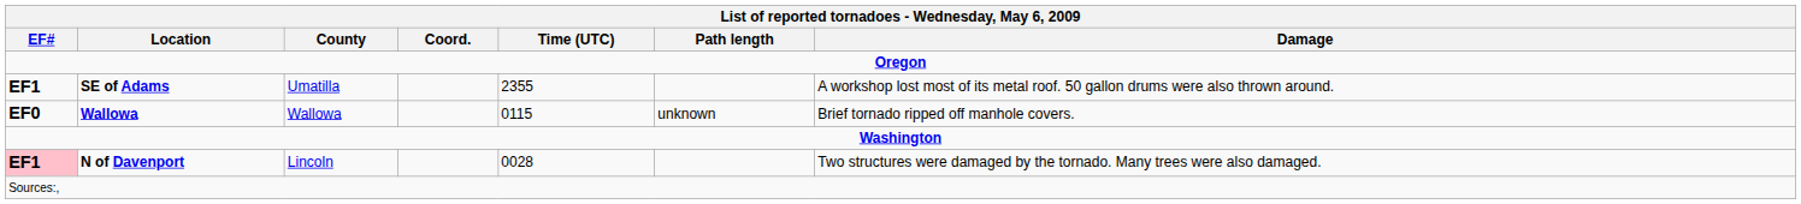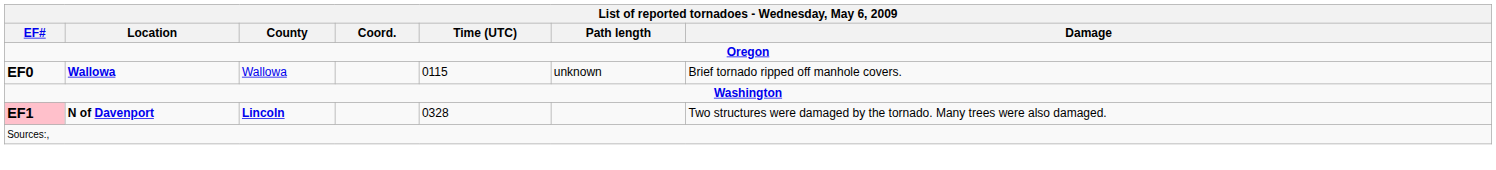 <table class="wikitable collapsible" width="100%">
 <tr>
 <th colspan="7">List of reported tornadoes - Wednesday, May 6, 2009</th>
 </tr>
 <tr>
 <th><a href='#'>EF#</a></th>
 <th>Location</th>
 <th>County</th>
 <th>Coord.</th>
 <th>Time (UTC)</th>
 <th>Path length</th>
 <th>Damage</th>
 </tr>
 <tr>
 <td colspan="7" align=center><strong><a href='#'>Oregon</a></strong></td>
 </tr>
 <tr>
-<td><big><strong>EF1</strong></big></td>
-<td><strong>SE of <a href='#'>Adams</a></strong></td>
-<td><a href='#'>Umatilla</a></td>
-<td></td>
-<td>2355</td>
-<td></td>
-<td>A workshop lost most of its metal roof. 50 gallon drums were also thrown around.</td>
-</tr>
-<tr>
 <td><big><strong>EF0</strong></big></td>
 <td><strong><a href='#'>Wallowa</a></strong></td>
 <td><a href='#'>Wallowa</a></td>
 <td></td>
 <td>0115</td>
 <td>unknown</td>
 <td>Brief tornado ripped off manhole covers.</td>
 </tr>
 <tr>
 <td colspan="7" align=center><strong><a href='#'>Washington</a></strong></td>
 </tr>
 <tr>
 <td style="background: pink;"><big><strong>EF1</strong></big></td>
 <td><strong>N of <a href='#'>Davenport</a></strong></td>
-<td><a href='#'>Lincoln</a></td>
+<td><strong><a href='#'>Lincoln</a></strong></td>
 <td></td>
-<td>0028</td>
+<td>0328</td>
 <td></td>
 <td>Two structures were damaged by the tornado. Many trees were also damaged.</td>
 </tr>
 <tr>
 <td colspan="7"><small>Sources:, </small></td>
 </tr>
 </table>
